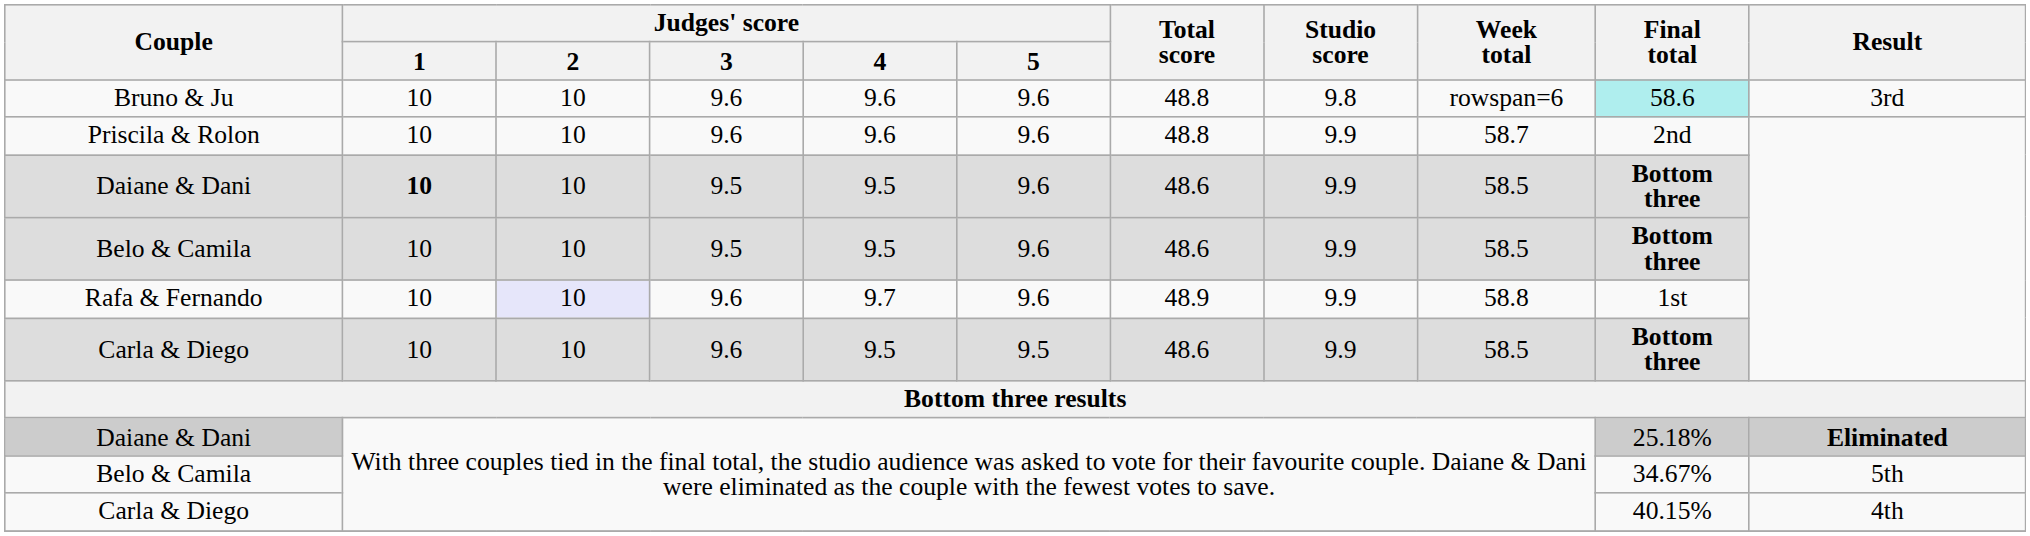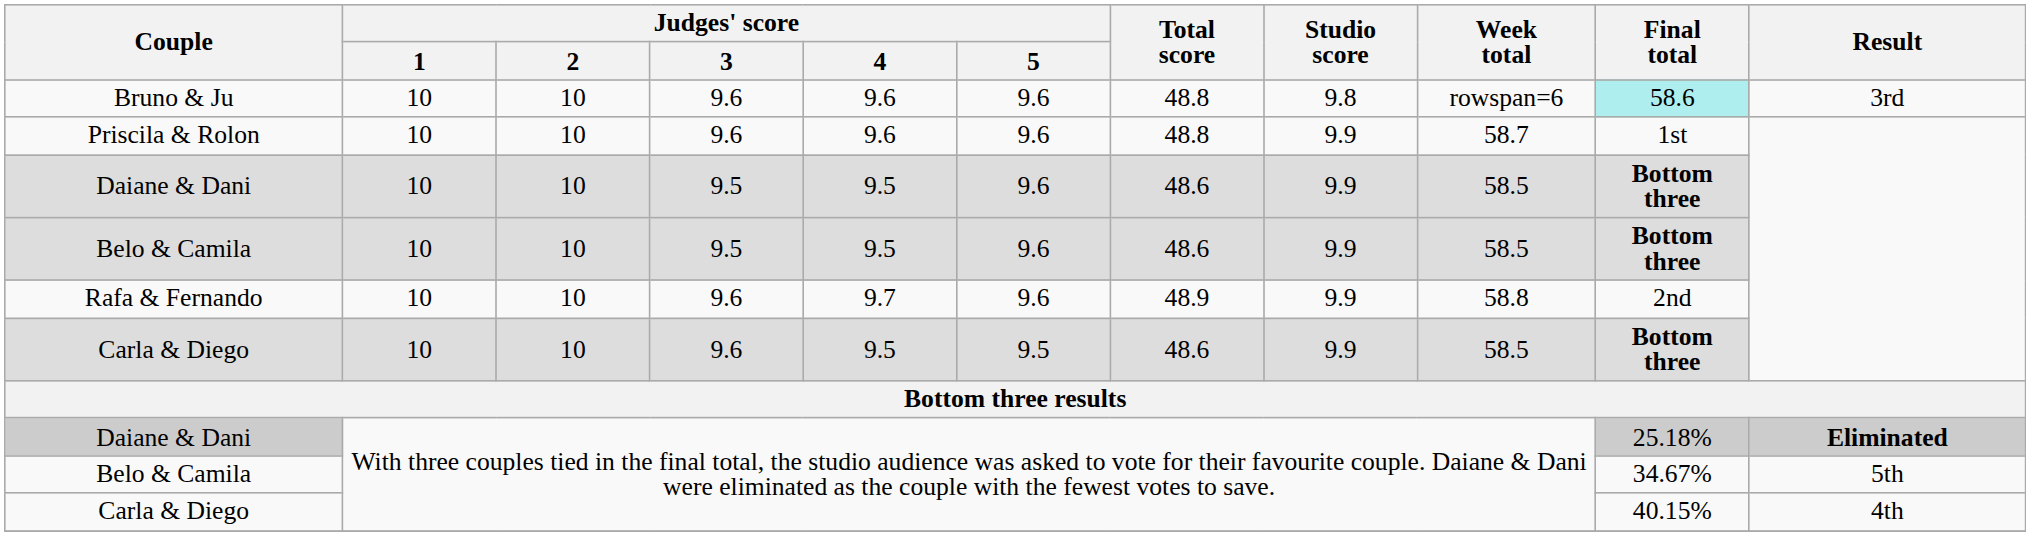 <table class="wikitable" style="font-size:100%; line-height:16px; text-align:center" width="100%">
 <tr>
 <th rowspan=2 width="11.00%">Couple</th>
 <th colspan=5 width="25.00%">Judges' score</th>
 <th rowspan=2 width="05.00%">Total<br>score</th>
 <th rowspan=2 width="05.00%">Studio<br>score</th>
 <th rowspan=2 width="05.00%">Week<br>total</th>
 <th rowspan=2 width="05.00%">Final<br>total</th>
 <th rowspan=2 width="09.00%">Result</th>
 </tr>
 <tr>
 <th width="05.00%">1</th>
 <th width="05.00%">2</th>
 <th width="05.00%">3</th>
 <th width="05.00%">4</th>
 <th width="05.00%">5</th>
 </tr>
 <tr>
 <td>Bruno & Ju</td>
 <td>10</td>
 <td>10</td>
 <td>9.6</td>
 <td>9.6</td>
 <td>9.6</td>
 <td>48.8</td>
 <td>9.8</td>
 <td>rowspan=6 </td>
 <td style="background: paleturquoise;">58.6</td>
 <td>3rd</td>
 </tr>
 <tr>
 <td>Priscila & Rolon</td>
 <td>10</td>
 <td>10</td>
 <td>9.6</td>
 <td>9.6</td>
 <td>9.6</td>
 <td>48.8</td>
 <td>9.9</td>
 <td>58.7</td>
-<td>2nd</td>
+<td>1st</td>
 </tr>
 <tr bgcolor="DDDDDD">
 <td>Daiane & Dani</td>
-<td><strong>10</strong></td>
+<td>10</td>
 <td>10</td>
 <td>9.5</td>
 <td>9.5</td>
 <td>9.6</td>
 <td>48.6</td>
 <td>9.9</td>
 <td>58.5</td>
 <td><strong>Bottom three</strong></td>
 </tr>
 <tr bgcolor="DDDDDD">
 <td>Belo & Camila</td>
 <td>10</td>
 <td>10</td>
 <td>9.5</td>
 <td>9.5</td>
 <td>9.6</td>
 <td>48.6</td>
 <td>9.9</td>
 <td>58.5</td>
 <td><strong>Bottom three</strong></td>
 </tr>
 <tr>
 <td>Rafa & Fernando</td>
 <td>10</td>
-<td style="background: lavender;">10</td>
+<td>10</td>
 <td>9.6</td>
 <td>9.7</td>
 <td>9.6</td>
 <td>48.9</td>
 <td>9.9</td>
 <td>58.8</td>
-<td>1st</td>
+<td>2nd</td>
 </tr>
 <tr bgcolor="DDDDDD">
 <td>Carla & Diego</td>
 <td>10</td>
 <td>10</td>
 <td>9.6</td>
 <td>9.5</td>
 <td>9.5</td>
 <td>48.6</td>
 <td>9.9</td>
 <td>58.5</td>
 <td><strong>Bottom three</strong></td>
 </tr>
 <tr>
 <th colspan=11>Bottom three results</th>
 </tr>
 <tr>
 <td bgcolor="CCCCCC">Daiane & Dani</td>
 <td rowspan=3 colspan=8>With three couples tied in the final total, the studio audience was asked to vote for their favourite couple. Daiane & Dani were eliminated as the couple with the fewest votes to save.</td>
 <td bgcolor="CCCCCC">25.18%</td>
 <td bgcolor="CCCCCC"><strong>Eliminated</strong></td>
 </tr>
 <tr>
 <td>Belo & Camila</td>
 <td>34.67%</td>
 <td>5th</td>
 </tr>
 <tr>
 <td>Carla & Diego</td>
 <td>40.15%</td>
 <td>4th</td>
 </tr>
 <tr>
 </tr>
 </table>
